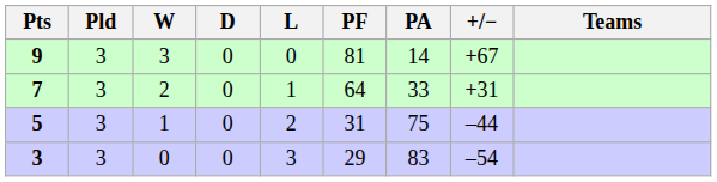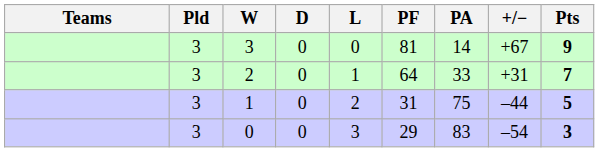 <table class="wikitable" style="text-align: center;">
 <tr>
-<th width="40">Pts</th>
+<th width="140">Teams</th>
 <th width="40">Pld</th>
 <th width="40">W</th>
 <th width="40">D</th>
 <th width="40">L</th>
 <th width="40">PF</th>
 <th width="40">PA</th>
 <th width="40">+/−</th>
-<th width="140">Teams</th>
+<th width="40">Pts</th>
 </tr>
 <tr bgcolor=ccffcc>
-<td><strong>9</strong></td>
+<td align=left></td>
 <td>3</td>
 <td>3</td>
 <td>0</td>
 <td>0</td>
 <td>81</td>
 <td>14</td>
 <td>+67</td>
-<td align=left></td>
+<td><strong>9</strong></td>
 </tr>
 <tr bgcolor=ccffcc>
-<td><strong>7</strong></td>
+<td align=left></td>
 <td>3</td>
 <td>2</td>
 <td>0</td>
 <td>1</td>
 <td>64</td>
 <td>33</td>
 <td>+31</td>
-<td align=left></td>
+<td><strong>7</strong></td>
 </tr>
 <tr bgcolor=ccccff>
-<td><strong>5</strong></td>
+<td align=left></td>
 <td>3</td>
 <td>1</td>
 <td>0</td>
 <td>2</td>
 <td>31</td>
 <td>75</td>
 <td>–44</td>
-<td align=left></td>
+<td><strong>5</strong></td>
 </tr>
 <tr bgcolor=ccccff>
-<td><strong>3</strong></td>
+<td align=left></td>
 <td>3</td>
 <td>0</td>
 <td>0</td>
 <td>3</td>
 <td>29</td>
 <td>83</td>
 <td>–54</td>
-<td align=left></td>
+<td><strong>3</strong></td>
 </tr>
 </table>
